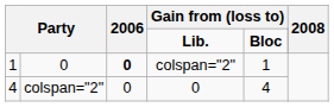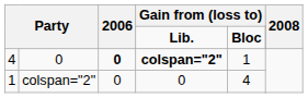 <table class="wikitable"  style="text-align:center;">
 <tr>
 <th rowspan="2" colspan="2">Party</th>
 <th rowspan="2">2006</th>
 <th colspan="4">Gain from (loss to)</th>
 <th rowspan="2">2008</th>
 </tr>
 <tr>
 <td><strong>Lib.</strong></td>
 <td><strong>Bloc</strong></td>
 </tr>
 <tr>
-<td>1</td>
+<td>4</td>
 <td>0</td>
 <td><strong>0</strong></td>
-<td>colspan="2" </td>
+<td><strong>colspan="2" </strong></td>
 <td>1</td>
 </tr>
 <tr>
-<td>4</td>
+<td>1</td>
 <td>colspan="2" </td>
 <td>0</td>
 <td>0</td>
 <td>4</td>
 </tr>
 </table>
